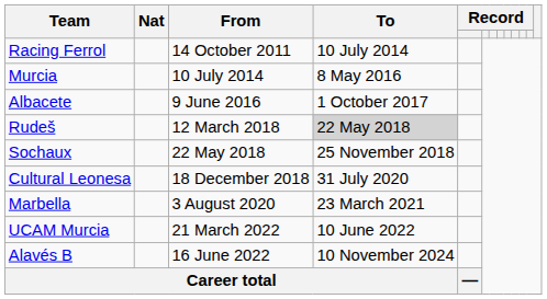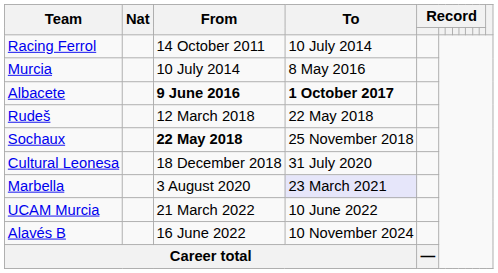 <table class="wikitable" style="text-align: center">
 <tr>
 <th rowspan="2">Team</th>
 <th rowspan="2">Nat</th>
 <th rowspan="2">From</th>
 <th rowspan="2">To</th>
 <th colspan="8">Record</th>
 <th rowspan=2></th>
 </tr>
 <tr>
 <th></th>
 <th></th>
 <th></th>
 <th></th>
 <th></th>
 <th></th>
 <th></th>
 <th></th>
 </tr>
 <tr>
 <td align="left"><a href='#'>Racing Ferrol</a></td>
 <td></td>
 <td align=left>14 October 2011</td>
 <td align=left>10 July  2014<br></td>
 <td></td>
 </tr>
 <tr>
 <td align="left"><a href='#'>Murcia</a></td>
 <td></td>
 <td align=left>10 July 2014</td>
 <td align=left>8 May 2016<br></td>
 <td></td>
 </tr>
 <tr>
 <td align="left"><a href='#'>Albacete</a></td>
 <td></td>
-<td align=left>9 June 2016</td>
-<td align=left>1 October 2017<br></td>
+<td align=left><strong>9 June 2016</strong></td>
+<td align=left><strong>1 October 2017<br></strong></td>
 <td></td>
 </tr>
 <tr>
 <td align=left><a href='#'>Rudeš</a></td>
 <td></td>
 <td align=left>12 March 2018</td>
-<td align=left style="background: lightgrey;">22 May 2018<br></td>
+<td align=left>22 May 2018<br></td>
 <td></td>
 </tr>
 <tr>
 <td align=left><a href='#'>Sochaux</a></td>
 <td></td>
-<td align=left>22 May 2018</td>
+<td align=left><strong>22 May 2018</strong></td>
 <td align=left>25 November 2018<br></td>
 <td></td>
 </tr>
 <tr>
 <td align=left><a href='#'>Cultural Leonesa</a></td>
 <td></td>
 <td align=left>18 December 2018</td>
 <td align=left>31 July 2020<br></td>
 <td></td>
 </tr>
 <tr>
 <td align=left><a href='#'>Marbella</a></td>
 <td></td>
 <td align=left>3 August 2020</td>
-<td align=left>23 March 2021<br></td>
+<td align=left style="background: lavender;">23 March 2021<br></td>
 <td></td>
 </tr>
 <tr>
 <td align=left><a href='#'>UCAM Murcia</a></td>
 <td></td>
 <td align=left>21 March 2022</td>
 <td align=left>10 June 2022<br></td>
 <td></td>
 </tr>
 <tr>
 <td align=left><a href='#'>Alavés B</a></td>
 <td></td>
 <td align=left>16 June 2022</td>
 <td align=left>10 November 2024<br></td>
 <td></td>
 </tr>
 <tr>
 <th colspan=4>Career total<br></th>
 <th>—</th>
 </tr>
 </table>
